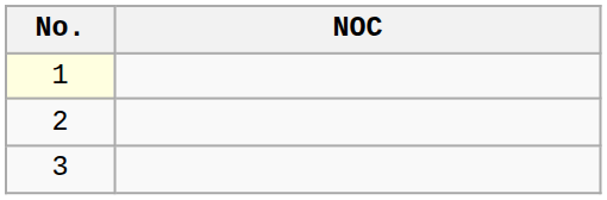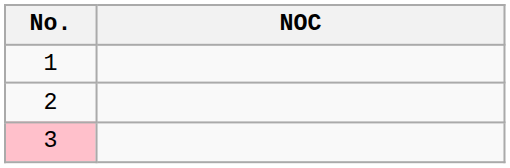 <table class="wikitable" style="text-align:center; font-size:90%">
 <tr>
 <th width=40>No.</th>
 <th width=200>NOC</th>
 </tr>
 <tr>
-<td style="background: lightyellow;">1</td>
+<td>1</td>
 <td align=left></td>
 </tr>
 <tr>
 <td>2</td>
 <td align=left></td>
 </tr>
 <tr>
-<td>3</td>
+<td style="background: pink;">3</td>
 <td align=left></td>
 </tr>
 </table>
